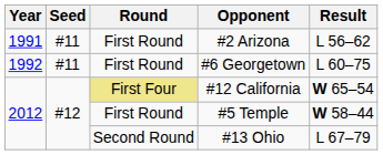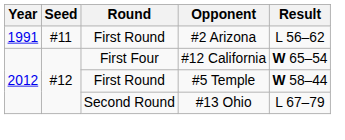 <table class="wikitable sortable" style="text-align:center;">
 <tr>
 <th style="text-align:center;">Year</th>
 <th style="text-align:center;">Seed</th>
 <th style="text-align:center;">Round</th>
 <th style="text-align:center;">Opponent</th>
 <th style="text-align:center;">Result</th>
 </tr>
 <tr>
 <td><a href='#'>1991</a></td>
 <td>#11</td>
 <td>First Round</td>
 <td>#2 Arizona</td>
 <td>L 56–62</td>
 </tr>
 <tr>
-<td><a href='#'>1992</a></td>
-<td>#11</td>
-<td>First Round</td>
-<td>#6 Georgetown</td>
-<td>L 60–75</td>
-</tr>
-<tr>
 <td rowspan="3"><a href='#'>2012</a></td>
 <td rowspan="3">#12</td>
-<td style="background: khaki;">First Four</td>
+<td>First Four</td>
 <td>#12 California</td>
 <td><strong>W</strong> 65–54</td>
 </tr>
 <tr>
 <td>First Round</td>
 <td>#5 Temple</td>
 <td><strong>W</strong> 58–44</td>
 </tr>
 <tr>
 <td>Second Round</td>
 <td>#13 Ohio</td>
 <td>L 67–79</td>
 </tr>
 </table>
